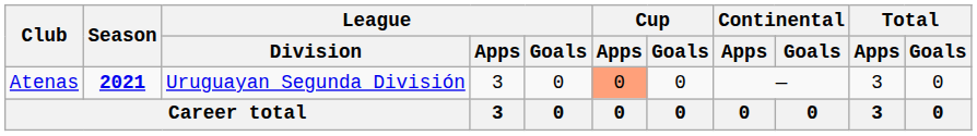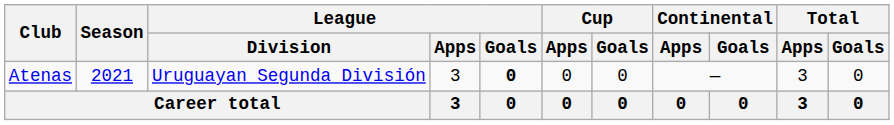 <table class="wikitable" style="text-align: center">
 <tr>
 <th rowspan="2">Club</th>
 <th rowspan="2">Season</th>
 <th colspan="3">League</th>
 <th colspan="2">Cup</th>
 <th colspan="2">Continental</th>
 <th colspan="2">Total</th>
 </tr>
 <tr>
 <th>Division</th>
 <th>Apps</th>
 <th>Goals</th>
 <th>Apps</th>
 <th>Goals</th>
 <th>Apps</th>
 <th>Goals</th>
 <th>Apps</th>
 <th>Goals</th>
 </tr>
 <tr>
 <td><a href='#'>Atenas</a></td>
-<td><strong><a href='#'>2021</a></strong></td>
+<td><a href='#'>2021</a></td>
 <td><a href='#'>Uruguayan Segunda División</a></td>
 <td>3</td>
+<td><strong>0</strong></td>
 <td>0</td>
-<td style="background: lightsalmon;">0</td>
 <td>0</td>
 <td colspan="2">—</td>
 <td>3</td>
 <td>0</td>
 </tr>
 <tr>
 <th colspan=3>Career total</th>
 <th>3</th>
 <th>0</th>
 <th>0</th>
 <th>0</th>
 <th>0</th>
 <th>0</th>
 <th>3</th>
 <th>0</th>
 </tr>
 </table>
